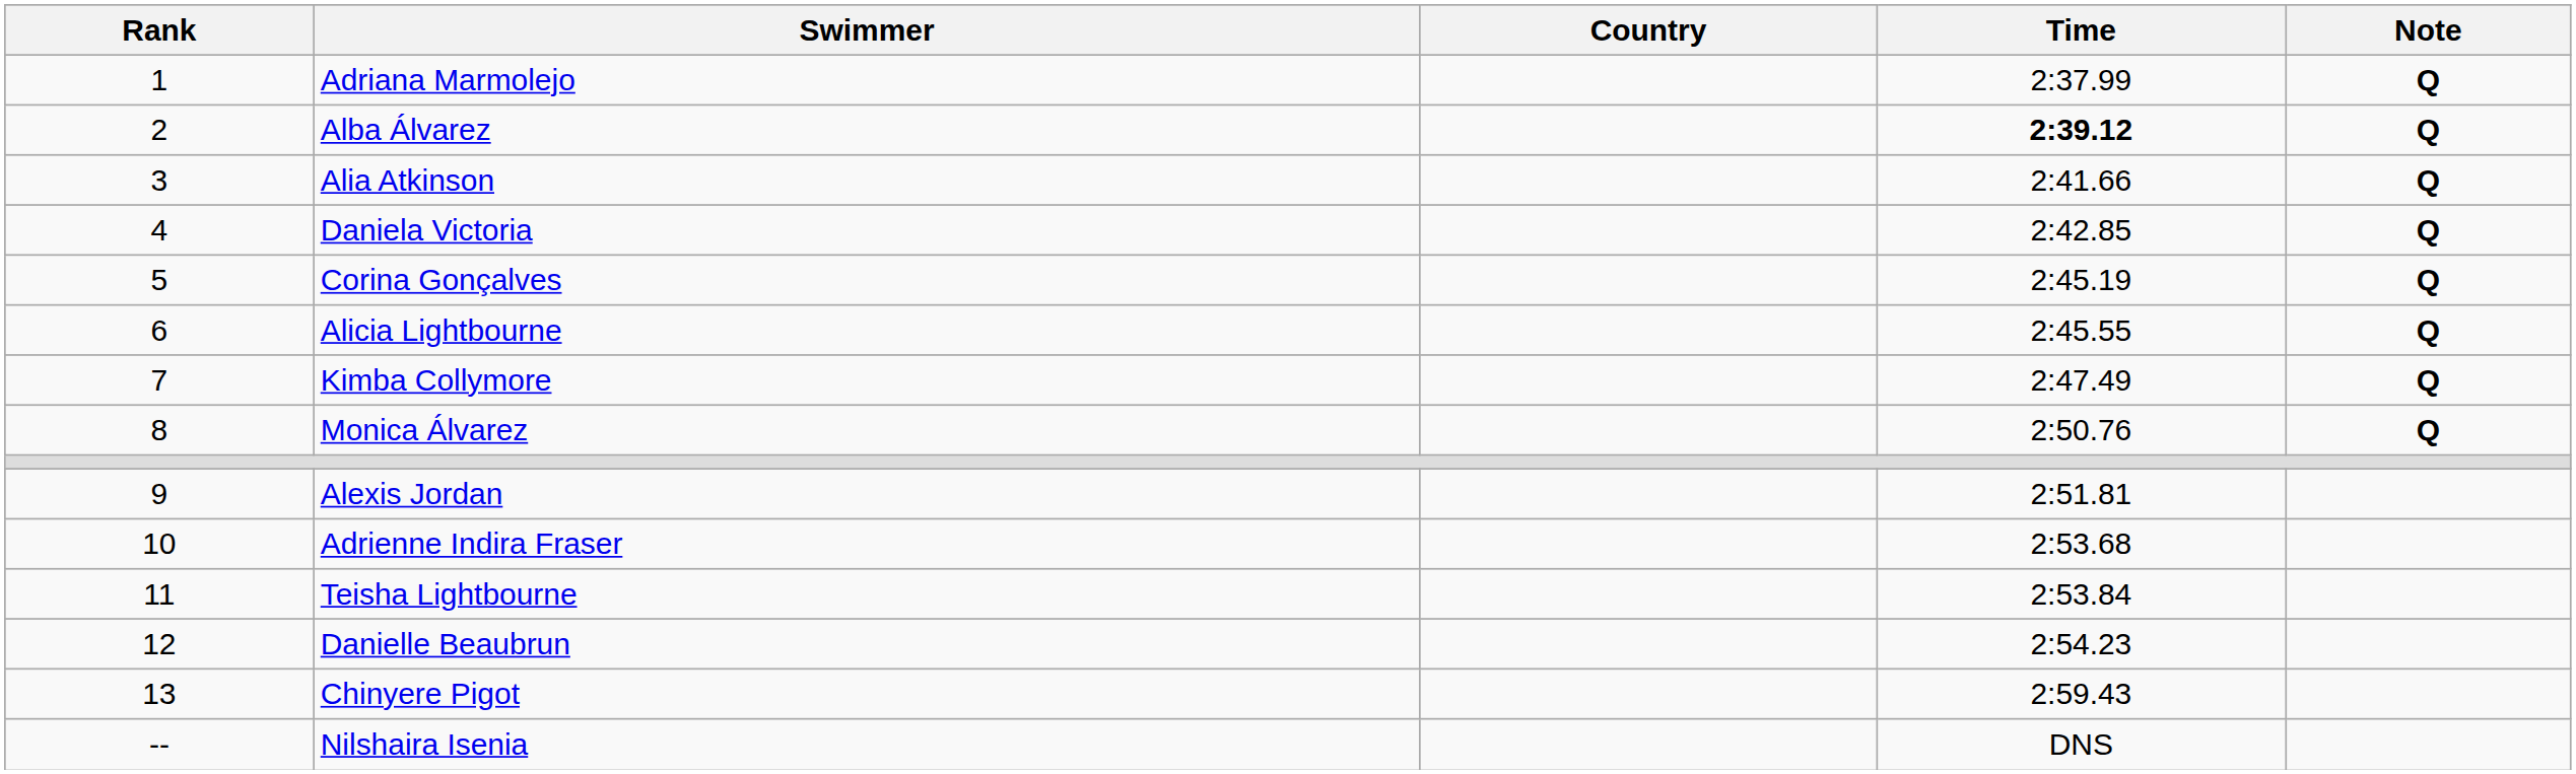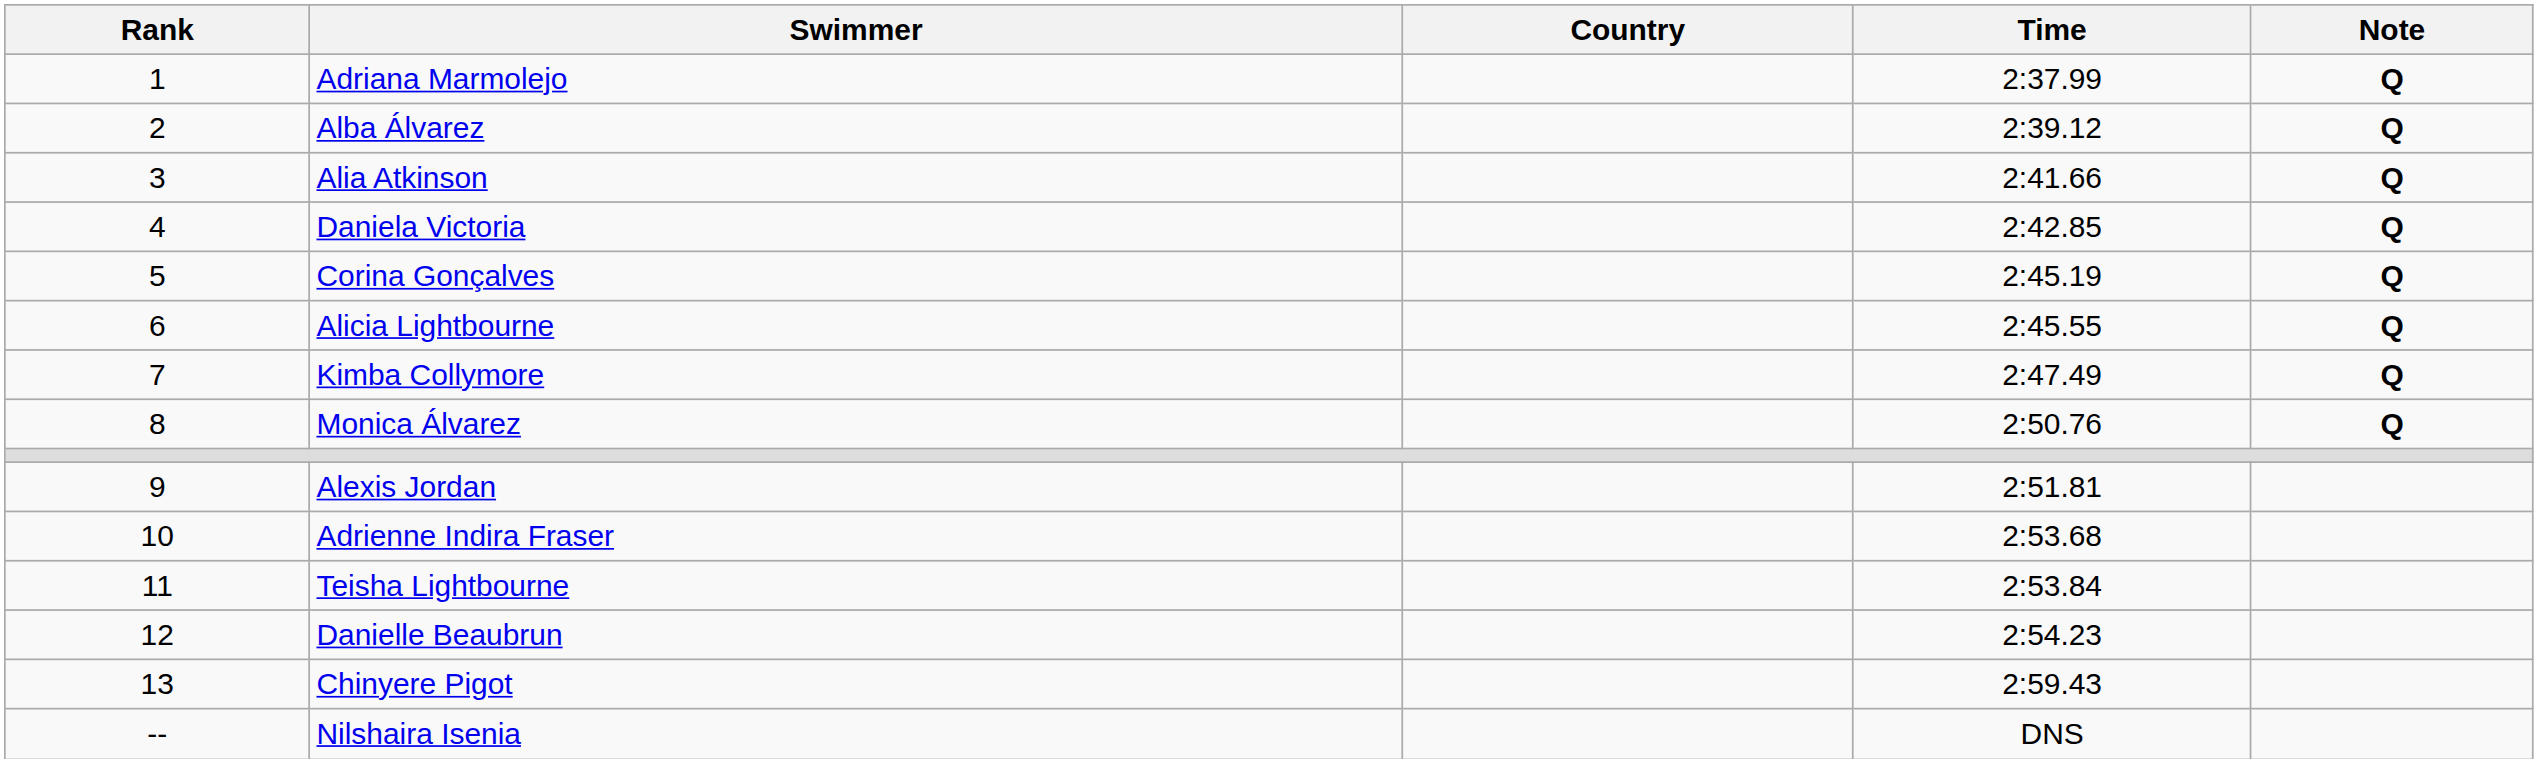 <table class="wikitable" style=" text-align:center; font-size:110%;" width="75%">
 <tr>
 <th>Rank</th>
 <th>Swimmer</th>
 <th>Country</th>
 <th>Time</th>
 <th>Note</th>
 </tr>
 <tr>
 <td>1</td>
 <td align=left><a href='#'>Adriana Marmolejo</a></td>
 <td align=left></td>
 <td>2:37.99</td>
 <td><strong>Q</strong></td>
 </tr>
 <tr>
 <td>2</td>
 <td align=left><a href='#'>Alba Álvarez</a></td>
 <td align=left></td>
-<td><strong>2:39.12</strong></td>
+<td>2:39.12</td>
 <td><strong>Q</strong></td>
 </tr>
 <tr>
 <td>3</td>
 <td align=left><a href='#'>Alia Atkinson</a></td>
 <td align=left></td>
 <td>2:41.66</td>
 <td><strong>Q</strong></td>
 </tr>
 <tr>
 <td>4</td>
 <td align=left><a href='#'>Daniela Victoria</a></td>
 <td align=left></td>
 <td>2:42.85</td>
 <td><strong>Q</strong></td>
 </tr>
 <tr>
 <td>5</td>
 <td align=left><a href='#'>Corina Gonçalves</a></td>
 <td align=left></td>
 <td>2:45.19</td>
 <td><strong>Q</strong></td>
 </tr>
 <tr>
 <td>6</td>
 <td align=left><a href='#'>Alicia Lightbourne</a></td>
 <td align=left></td>
 <td>2:45.55</td>
 <td><strong>Q</strong></td>
 </tr>
 <tr>
 <td>7</td>
 <td align=left><a href='#'>Kimba Collymore</a></td>
 <td align=left></td>
 <td>2:47.49</td>
 <td><strong>Q</strong></td>
 </tr>
 <tr>
 <td>8</td>
 <td align=left><a href='#'>Monica Álvarez</a></td>
 <td align=left></td>
 <td>2:50.76</td>
 <td><strong>Q</strong></td>
 </tr>
 <tr bgcolor=#DDDDDD>
 <td colspan=5></td>
 </tr>
 <tr>
 <td>9</td>
 <td align=left><a href='#'>Alexis Jordan</a></td>
 <td align=left></td>
 <td>2:51.81</td>
 <td></td>
 </tr>
 <tr>
 <td>10</td>
 <td align=left><a href='#'>Adrienne Indira Fraser</a></td>
 <td align=left></td>
 <td>2:53.68</td>
 <td></td>
 </tr>
 <tr>
 <td>11</td>
 <td align=left><a href='#'>Teisha Lightbourne</a></td>
 <td align=left></td>
 <td>2:53.84</td>
 <td></td>
 </tr>
 <tr>
 <td>12</td>
 <td align=left><a href='#'>Danielle Beaubrun</a></td>
 <td align=left></td>
 <td>2:54.23</td>
 <td></td>
 </tr>
 <tr>
 <td>13</td>
 <td align=left><a href='#'>Chinyere Pigot</a></td>
 <td align=left></td>
 <td>2:59.43</td>
 <td></td>
 </tr>
 <tr>
 <td>--</td>
 <td align=left><a href='#'>Nilshaira Isenia</a></td>
 <td align=left></td>
 <td>DNS</td>
 <td></td>
 </tr>
 <tr>
 </tr>
 </table>
